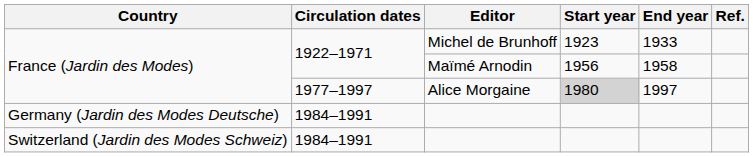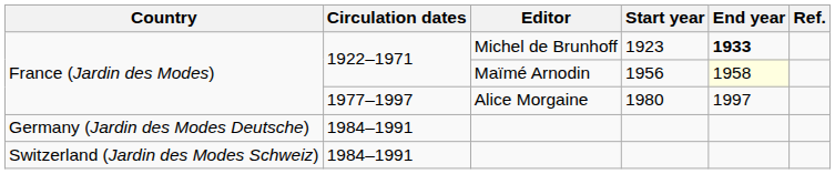 <table class="wikitable">
 <tr>
 <th>Country</th>
 <th>Circulation dates</th>
 <th>Editor</th>
 <th>Start year</th>
 <th>End year</th>
 <th>Ref.</th>
 </tr>
 <tr>
 <td rowspan="3">France (<em>Jardin des Modes</em>)</td>
 <td rowspan="2">1922–1971</td>
 <td>Michel de Brunhoff</td>
 <td>1923</td>
-<td>1933</td>
+<td><strong>1933</strong></td>
 <td></td>
 </tr>
 <tr>
 <td>Maïmé Arnodin</td>
 <td>1956</td>
-<td>1958</td>
+<td style="background: lightyellow;">1958</td>
 <td></td>
 </tr>
 <tr>
 <td>1977–1997</td>
 <td>Alice Morgaine</td>
-<td style="background: lightgrey;">1980</td>
+<td>1980</td>
 <td>1997</td>
 <td></td>
 </tr>
 <tr>
 <td>Germany (<em>Jardin des Modes Deutsche</em>)</td>
 <td>1984–1991</td>
 <td></td>
 <td></td>
 <td></td>
 <td></td>
 </tr>
 <tr>
 <td>Switzerland (<em>Jardin des Modes Schweiz</em>)</td>
 <td>1984–1991</td>
 <td></td>
 <td></td>
 <td></td>
 <td></td>
 </tr>
 </table>
